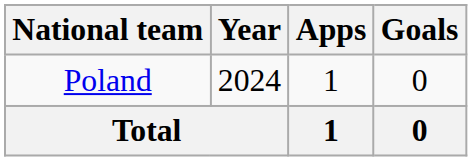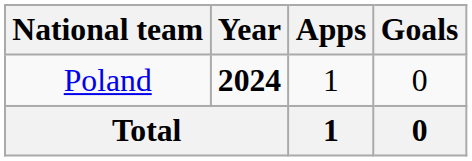 <table class="wikitable" style="text-align:center">
 <tr>
 <th>National team</th>
 <th>Year</th>
 <th>Apps</th>
 <th>Goals</th>
 </tr>
 <tr>
 <td rowspan="1"><a href='#'>Poland</a></td>
-<td>2024</td>
+<td><strong>2024</strong></td>
 <td>1</td>
 <td>0</td>
 </tr>
 <tr>
 <th colspan="2">Total</th>
 <th>1</th>
 <th>0</th>
 </tr>
 </table>
